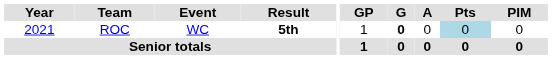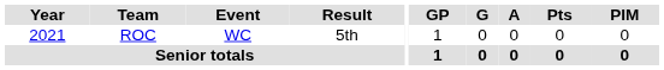 <table border="0" cellpadding="1" cellspacing="0" ID="Table3" style="text-align:center; width:40em">
 <tr ALIGN="center" bgcolor="#e0e0e0">
 <th>Year</th>
 <th>Team</th>
 <th>Event</th>
 <th>Result</th>
 <th rowspan="99" bgcolor="#ffffff"></th>
 <th>GP</th>
 <th>G</th>
 <th>A</th>
 <th>Pts</th>
 <th>PIM</th>
 </tr>
 <tr>
 <td><a href='#'>2021</a></td>
 <td><a href='#'>ROC</a></td>
 <td><a href='#'>WC</a></td>
-<td><strong>5th</strong></td>
+<td>5th</td>
 <td>1</td>
-<td><strong>0</strong></td>
 <td>0</td>
-<td style="background: lightblue;">0</td>
+<td>0</td>
+<td>0</td>
 <td>0</td>
 </tr>
 <tr bgcolor="#e0e0e0">
 <th colspan="4">Senior totals</th>
 <th>1</th>
 <th>0</th>
 <th>0</th>
 <th>0</th>
 <th>0</th>
 </tr>
 </table>
